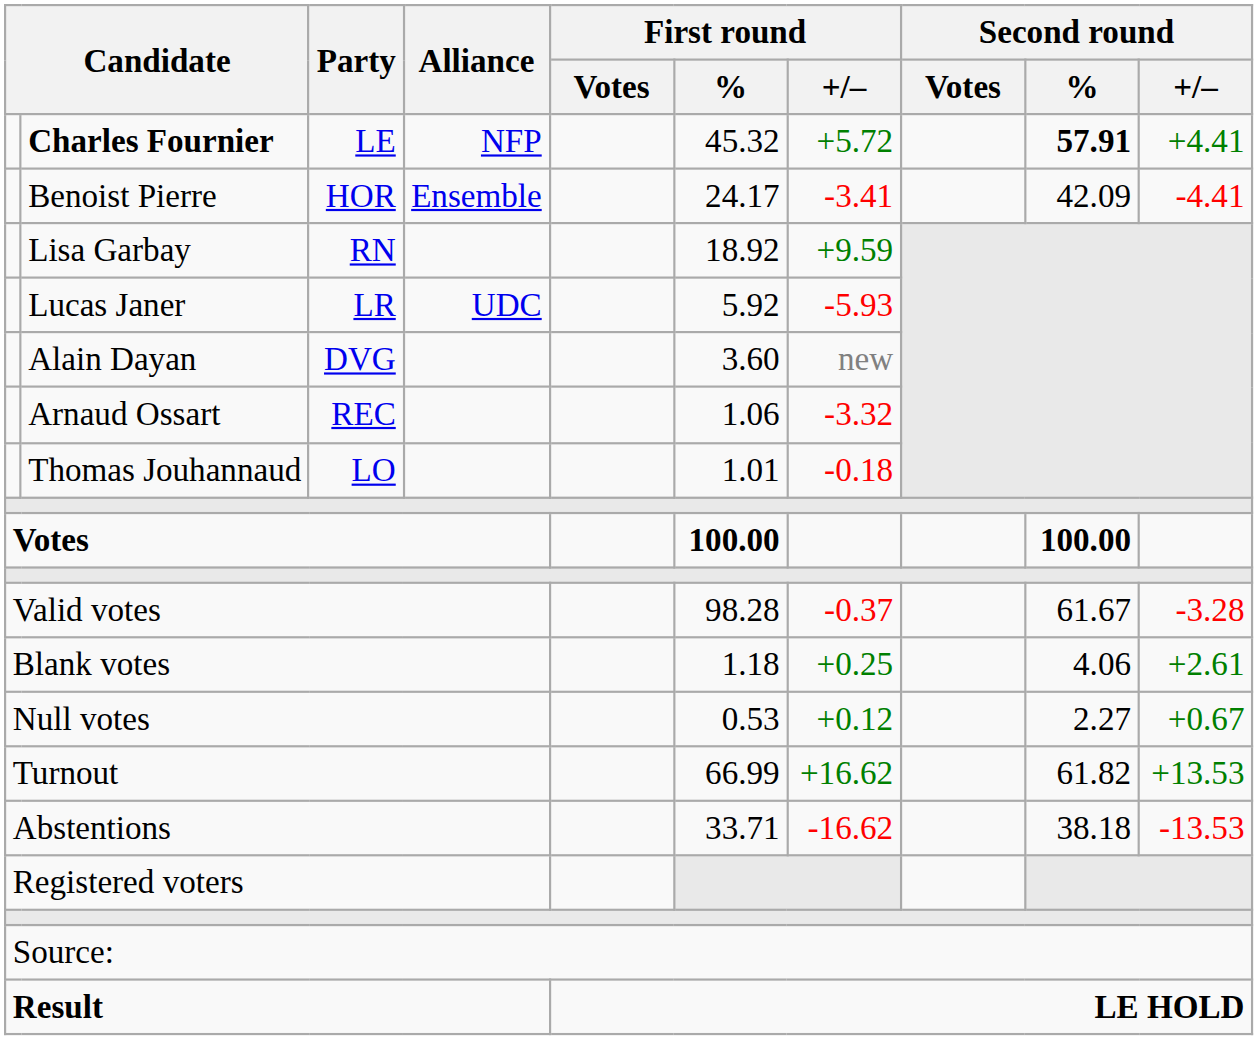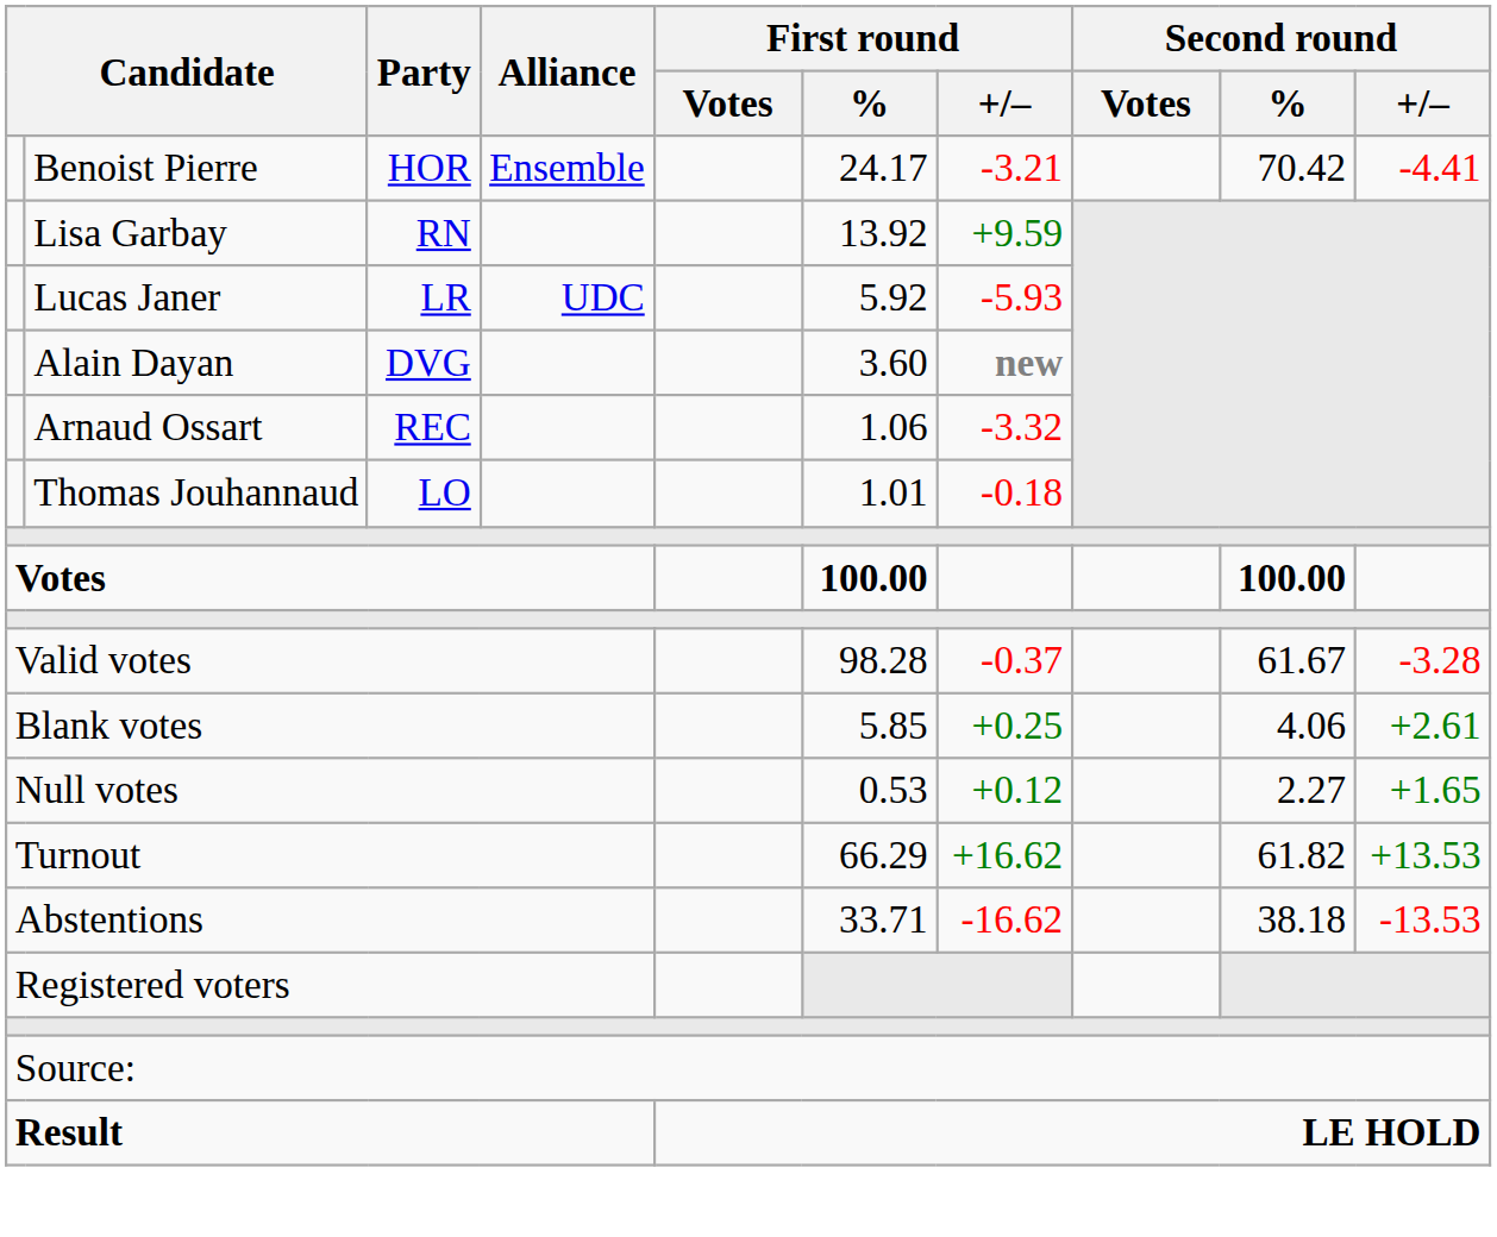 <table class="wikitable" style="text-align:right;font-size:95%;">
 <tr>
 <th rowspan="2" colspan="2">Candidate</th>
 <th colspan="1" rowspan="2">Party</th>
 <th colspan="1" rowspan="2">Alliance</th>
 <th colspan="3">First round</th>
 <th colspan="3">Second round</th>
 </tr>
 <tr>
 <th style="width:50px;">Votes</th>
 <th style="width:45px;">%</th>
 <th style="width:45px;">+/–</th>
 <th style="width:50px;">Votes</th>
 <th style="width:45px;">%</th>
 <th style="width:45px;">+/–</th>
 </tr>
 <tr>
 <td style="color:inherit;background:"></td>
-<td style="text-align:left;"><strong>Charles Fournier</strong></td>
-<td><a href='#'>LE</a></td>
-<td><a href='#'>NFP</a></td>
-<td></td>
-<td>45.32</td>
-<td style="color:green;">+5.72</td>
-<td><strong></strong></td>
-<td><strong>57.91</strong></td>
-<td style="color:green;">+4.41</td>
-</tr>
-<tr>
-<td style="color:inherit;background:"></td>
 <td style="text-align:left;">Benoist Pierre</td>
 <td><a href='#'>HOR</a></td>
 <td><a href='#'>Ensemble</a></td>
 <td></td>
 <td>24.17</td>
-<td style="color:red;">-3.41</td>
+<td style="color:red;">-3.21</td>
 <td></td>
-<td>42.09</td>
+<td>70.42</td>
 <td style="color:red;">-4.41</td>
 </tr>
 <tr>
 <td style="color:inherit;background:"></td>
 <td style="text-align:left;">Lisa Garbay</td>
 <td><a href='#'>RN</a></td>
 <td></td>
 <td></td>
-<td>18.92</td>
+<td>13.92</td>
 <td style="color:green;">+9.59</td>
 <td colspan="3" rowspan="5" style="background:#E9E9E9;"></td>
 </tr>
 <tr>
 <td style="color:inherit;background:"></td>
 <td style="text-align:left;">Lucas Janer</td>
 <td><a href='#'>LR</a></td>
 <td><a href='#'>UDC</a></td>
 <td></td>
 <td>5.92</td>
 <td style="color:red;">-5.93</td>
 </tr>
 <tr>
 <td style="color:inherit;background:"></td>
 <td style="text-align:left;">Alain Dayan</td>
 <td><a href='#'>DVG</a></td>
 <td></td>
 <td></td>
 <td>3.60</td>
-<td style="color:grey;">new</td>
+<td style="color:grey;"><strong>new</strong></td>
 </tr>
 <tr>
 <td style="color:inherit;background:"></td>
 <td style="text-align:left;">Arnaud Ossart</td>
 <td><a href='#'>REC</a></td>
 <td></td>
 <td></td>
 <td>1.06</td>
 <td style="color:red;">-3.32</td>
 </tr>
 <tr>
 <td style="color:inherit;background:"></td>
 <td style="text-align:left;">Thomas Jouhannaud</td>
 <td><a href='#'>LO</a></td>
 <td></td>
 <td></td>
 <td>1.01</td>
 <td style="color:red;">-0.18</td>
 </tr>
 <tr>
 <td colspan="10" style="background:#E9E9E9;"></td>
 </tr>
 <tr style="font-weight:bold;">
 <td colspan="4" style="text-align:left;">Votes</td>
 <td></td>
 <td>100.00</td>
 <td></td>
 <td></td>
 <td>100.00</td>
 <td></td>
 </tr>
 <tr>
 <td colspan="10" style="background:#E9E9E9;"></td>
 </tr>
 <tr>
 <td colspan="4" style="text-align:left;">Valid votes</td>
 <td></td>
 <td>98.28</td>
 <td style="color:red;">-0.37</td>
 <td></td>
 <td>61.67</td>
 <td style="color:red;">-3.28</td>
 </tr>
 <tr>
 <td colspan="4" style="text-align:left;">Blank votes</td>
 <td></td>
-<td>1.18</td>
+<td>5.85</td>
 <td style="color:green;">+0.25</td>
 <td></td>
 <td>4.06</td>
 <td style="color:green;">+2.61</td>
 </tr>
 <tr>
 <td colspan="4" style="text-align:left;">Null votes</td>
 <td></td>
 <td>0.53</td>
 <td style="color:green;">+0.12</td>
 <td></td>
 <td>2.27</td>
-<td style="color:green;">+0.67</td>
+<td style="color:green;">+1.65</td>
 </tr>
 <tr>
 <td colspan="4" style="text-align:left;">Turnout</td>
 <td></td>
-<td>66.99</td>
+<td>66.29</td>
 <td style="color:green;">+16.62</td>
 <td></td>
 <td>61.82</td>
 <td style="color:green;">+13.53</td>
 </tr>
 <tr>
 <td colspan="4" style="text-align:left;">Abstentions</td>
 <td></td>
 <td>33.71</td>
 <td style="color:red;">-16.62</td>
 <td></td>
 <td>38.18</td>
 <td style="color:red;">-13.53</td>
 </tr>
 <tr>
 <td colspan="4" style="text-align:left;">Registered voters</td>
 <td></td>
 <td colspan="2" style="background:#E9E9E9;"></td>
 <td></td>
 <td colspan="2" style="background:#E9E9E9;"></td>
 </tr>
 <tr>
 <td colspan="10" style="background:#E9E9E9;"></td>
 </tr>
 <tr>
 <td colspan="10" style="text-align:left;">Source: </td>
 </tr>
 <tr style="font-weight:bold">
 <td colspan="4" style="text-align:left;">Result</td>
 <td colspan="6" style="background-color:">LE HOLD</td>
 </tr>
 </table>
